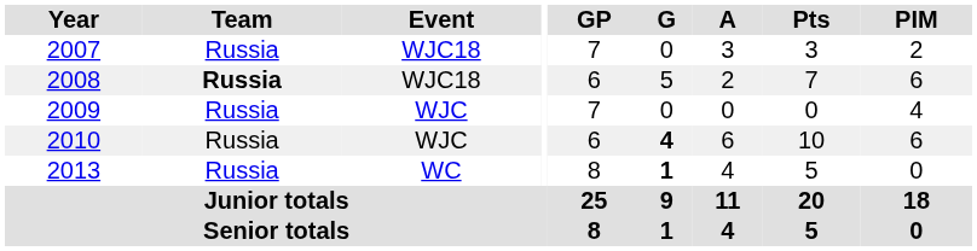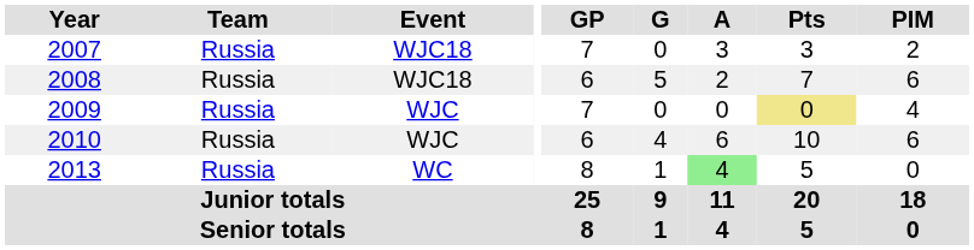 <table border="0" cellpadding="1" cellspacing="0" ID="Table3" style="text-align:center; width:40em">
 <tr bgcolor="#e0e0e0">
 <th>Year</th>
 <th>Team</th>
 <th>Event</th>
 <th rowspan="102" bgcolor="#ffffff"></th>
 <th>GP</th>
 <th>G</th>
 <th>A</th>
 <th>Pts</th>
 <th>PIM</th>
 </tr>
 <tr>
 <td><a href='#'>2007</a></td>
 <td><a href='#'>Russia</a></td>
 <td><a href='#'>WJC18</a></td>
 <td>7</td>
 <td>0</td>
 <td>3</td>
 <td>3</td>
 <td>2</td>
 </tr>
 <tr bgcolor="#f0f0f0">
 <td><a href='#'>2008</a></td>
-<td><strong>Russia</strong></td>
+<td>Russia</td>
 <td>WJC18</td>
 <td>6</td>
 <td>5</td>
 <td>2</td>
 <td>7</td>
 <td>6</td>
 </tr>
 <tr>
 <td><a href='#'>2009</a></td>
 <td><a href='#'>Russia</a></td>
 <td><a href='#'>WJC</a></td>
 <td>7</td>
 <td>0</td>
 <td>0</td>
-<td>0</td>
+<td style="background: khaki;">0</td>
 <td>4</td>
 </tr>
 <tr bgcolor="#f0f0f0">
 <td><a href='#'>2010</a></td>
 <td>Russia</td>
 <td>WJC</td>
 <td>6</td>
-<td><strong>4</strong></td>
+<td>4</td>
 <td>6</td>
 <td>10</td>
 <td>6</td>
 </tr>
 <tr>
 <td><a href='#'>2013</a></td>
 <td><a href='#'>Russia</a></td>
 <td><a href='#'>WC</a></td>
 <td>8</td>
-<td><strong>1</strong></td>
-<td>4</td>
+<td>1</td>
+<td style="background: lightgreen;">4</td>
 <td>5</td>
 <td>0</td>
 </tr>
 <tr bgcolor="#e0e0e0">
 <th colspan="4">Junior totals</th>
 <th>25</th>
 <th>9</th>
 <th>11</th>
 <th>20</th>
 <th>18</th>
 </tr>
 <tr bgcolor="#e0e0e0">
 <th colspan="4">Senior totals</th>
 <th>8</th>
 <th>1</th>
 <th>4</th>
 <th>5</th>
 <th>0</th>
 </tr>
 </table>
